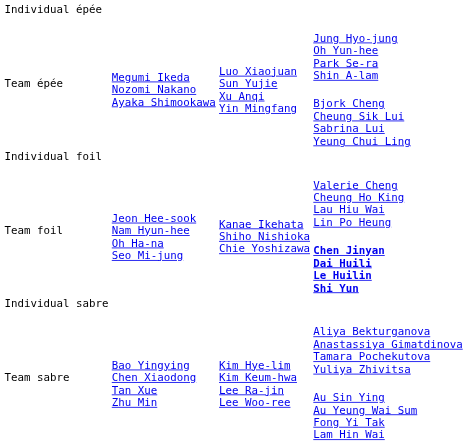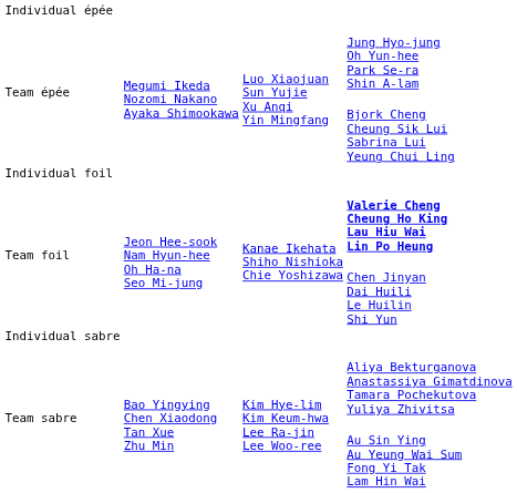 <table>
 <tr>
 <td rowspan=2>Individual épée<br></td>
 <td rowspan=2></td>
 <td rowspan=2></td>
 <td></td>
 </tr>
 <tr>
 <td></td>
 </tr>
 <tr>
 <td rowspan=2>Team épée<br></td>
 <td rowspan=2><br><a href='#'>Megumi Ikeda</a><br><a href='#'>Nozomi Nakano</a><br><a href='#'>Ayaka Shimookawa</a></td>
 <td rowspan=2><br><a href='#'>Luo Xiaojuan</a><br><a href='#'>Sun Yujie</a><br><a href='#'>Xu Anqi</a><br><a href='#'>Yin Mingfang</a></td>
 <td><br><a href='#'>Jung Hyo-jung</a><br><a href='#'>Oh Yun-hee</a><br><a href='#'>Park Se-ra</a><br><a href='#'>Shin A-lam</a></td>
 </tr>
 <tr>
 <td><br><a href='#'>Bjork Cheng</a><br><a href='#'>Cheung Sik Lui</a><br><a href='#'>Sabrina Lui</a><br><a href='#'>Yeung Chui Ling</a></td>
 </tr>
 <tr>
 <td rowspan=2>Individual foil<br></td>
 <td rowspan=2></td>
 <td rowspan=2></td>
 <td></td>
 </tr>
 <tr>
 <td></td>
 </tr>
 <tr>
 <td rowspan=2>Team foil<br></td>
 <td rowspan=2><br><a href='#'>Jeon Hee-sook</a><br><a href='#'>Nam Hyun-hee</a><br><a href='#'>Oh Ha-na</a><br><a href='#'>Seo Mi-jung</a></td>
 <td rowspan=2><br><a href='#'>Kanae Ikehata</a><br><a href='#'>Shiho Nishioka</a><br><a href='#'>Chie Yoshizawa</a></td>
-<td><br><a href='#'>Valerie Cheng</a><br><a href='#'>Cheung Ho King</a><br><a href='#'>Lau Hiu Wai</a><br><a href='#'>Lin Po Heung</a></td>
+<td><strong><br><a href='#'>Valerie Cheng</a><br><a href='#'>Cheung Ho King</a><br><a href='#'>Lau Hiu Wai</a><br><a href='#'>Lin Po Heung</a></strong></td>
 </tr>
 <tr>
-<td><strong><br><a href='#'>Chen Jinyan</a><br><a href='#'>Dai Huili</a><br><a href='#'>Le Huilin</a><br><a href='#'>Shi Yun</a></strong></td>
+<td><br><a href='#'>Chen Jinyan</a><br><a href='#'>Dai Huili</a><br><a href='#'>Le Huilin</a><br><a href='#'>Shi Yun</a></td>
 </tr>
 <tr>
 <td rowspan=2>Individual sabre<br></td>
 <td rowspan=2></td>
 <td rowspan=2></td>
 <td></td>
 </tr>
 <tr>
 <td></td>
 </tr>
 <tr>
 <td rowspan=2>Team sabre<br></td>
 <td rowspan=2><br><a href='#'>Bao Yingying</a><br><a href='#'>Chen Xiaodong</a><br><a href='#'>Tan Xue</a><br><a href='#'>Zhu Min</a></td>
 <td rowspan=2><br><a href='#'>Kim Hye-lim</a><br><a href='#'>Kim Keum-hwa</a><br><a href='#'>Lee Ra-jin</a><br><a href='#'>Lee Woo-ree</a></td>
 <td><br><a href='#'>Aliya Bekturganova</a><br><a href='#'>Anastassiya Gimatdinova</a><br><a href='#'>Tamara Pochekutova</a><br><a href='#'>Yuliya Zhivitsa</a></td>
 </tr>
 <tr>
 <td><br><a href='#'>Au Sin Ying</a><br><a href='#'>Au Yeung Wai Sum</a><br><a href='#'>Fong Yi Tak</a><br><a href='#'>Lam Hin Wai</a></td>
 </tr>
 </table>
